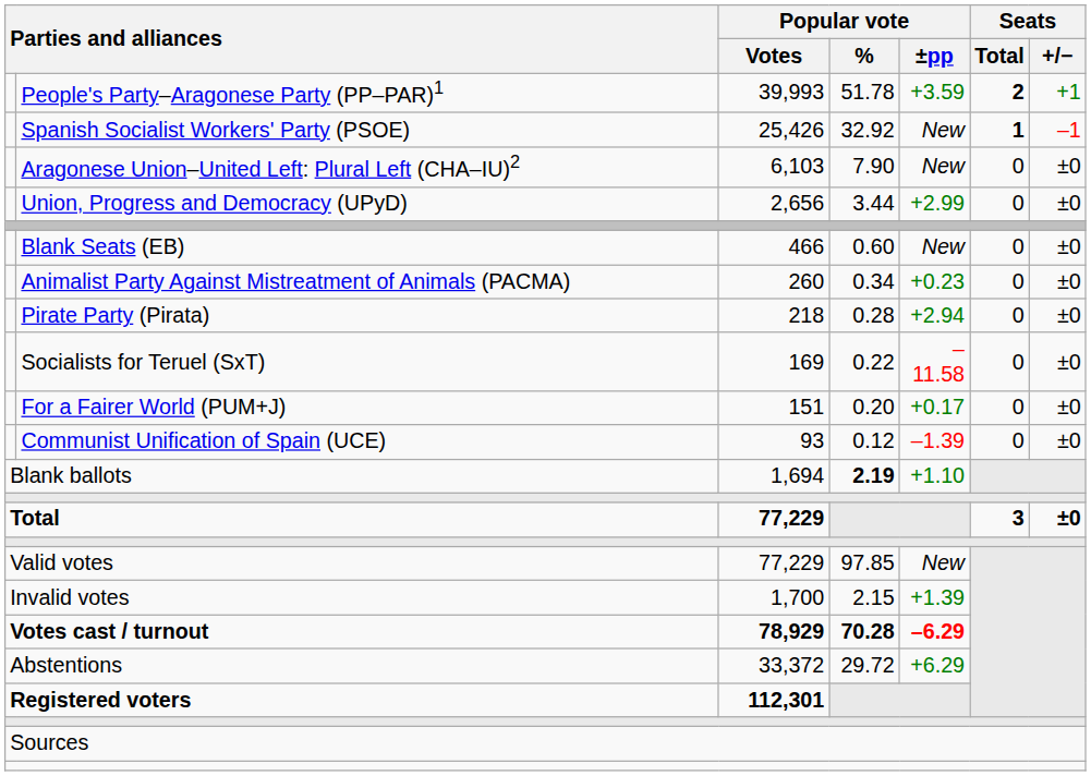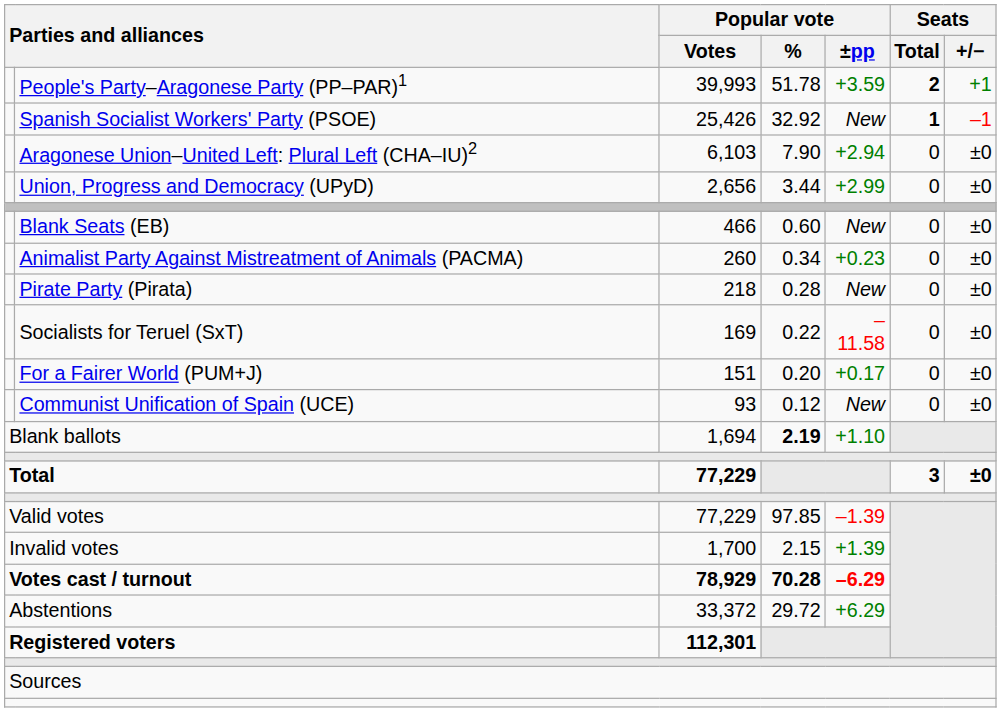 <table class="wikitable" style="text-align:right;">
 <tr>
 <th style="text-align:left;" rowspan="2" colspan="2" width="525">Parties and alliances</th>
 <th colspan="3">Popular vote</th>
 <th colspan="2">Seats</th>
 </tr>
 <tr>
 <th width="75">Votes</th>
 <th width="45">%</th>
 <th width="45">±<a href='#'>pp</a></th>
 <th width="35">Total</th>
 <th width="35">+/−</th>
 </tr>
 <tr>
 <td width="1" style="color:inherit;background:"></td>
 <td align="left"><a href='#'>People's Party</a>–<a href='#'>Aragonese Party</a> (PP–PAR)<sup>1</sup></td>
 <td>39,993</td>
 <td>51.78</td>
 <td style="color:green;">+3.59</td>
 <td><strong>2</strong></td>
 <td style="color:green;">+1</td>
 </tr>
 <tr>
 <td style="color:inherit;background:"></td>
 <td align="left"><a href='#'>Spanish Socialist Workers' Party</a> (PSOE)</td>
 <td>25,426</td>
 <td>32.92</td>
 <td><em>New</em></td>
 <td><strong>1</strong></td>
 <td style="color:red;">–1</td>
 </tr>
 <tr>
 <td style="color:inherit;background:"></td>
 <td align="left"><a href='#'>Aragonese Union</a>–<a href='#'>United Left</a>: <a href='#'>Plural Left</a> (CHA–IU)<sup>2</sup></td>
 <td>6,103</td>
 <td>7.90</td>
-<td><em>New</em></td>
+<td style="color:green;">+2.94</td>
 <td>0</td>
 <td>±0</td>
 </tr>
 <tr>
 <td style="color:inherit;background:"></td>
 <td align="left"><a href='#'>Union, Progress and Democracy</a> (UPyD)</td>
 <td>2,656</td>
 <td>3.44</td>
 <td style="color:green;">+2.99</td>
 <td>0</td>
 <td>±0</td>
 </tr>
 <tr>
 <td colspan="7" bgcolor="#C0C0C0"></td>
 </tr>
 <tr>
 <td style="color:inherit;background:"></td>
 <td align="left"><a href='#'>Blank Seats</a> (EB)</td>
 <td>466</td>
 <td>0.60</td>
 <td><em>New</em></td>
 <td>0</td>
 <td>±0</td>
 </tr>
 <tr>
 <td style="color:inherit;background:"></td>
 <td align="left"><a href='#'>Animalist Party Against Mistreatment of Animals</a> (PACMA)</td>
 <td>260</td>
 <td>0.34</td>
 <td style="color:green;">+0.23</td>
 <td>0</td>
 <td>±0</td>
 </tr>
 <tr>
 <td style="color:inherit;background:"></td>
 <td align="left"><a href='#'>Pirate Party</a> (Pirata)</td>
 <td>218</td>
 <td>0.28</td>
-<td style="color:green;">+2.94</td>
+<td><em>New</em></td>
 <td>0</td>
 <td>±0</td>
 </tr>
 <tr>
 <td style="color:inherit;background:"></td>
 <td align="left">Socialists for Teruel (SxT)</td>
 <td>169</td>
 <td>0.22</td>
 <td style="color:red;">–11.58</td>
 <td>0</td>
 <td>±0</td>
 </tr>
 <tr>
 <td style="color:inherit;background:"></td>
 <td align="left"><a href='#'>For a Fairer World</a> (PUM+J)</td>
 <td>151</td>
 <td>0.20</td>
 <td style="color:green;">+0.17</td>
 <td>0</td>
 <td>±0</td>
 </tr>
 <tr>
 <td style="color:inherit;background:"></td>
 <td align="left"><a href='#'>Communist Unification of Spain</a> (UCE)</td>
 <td>93</td>
 <td>0.12</td>
-<td style="color:red;">–1.39</td>
+<td><em>New</em></td>
 <td>0</td>
 <td>±0</td>
 </tr>
 <tr>
 <td align="left" colspan="2">Blank ballots</td>
 <td>1,694</td>
 <td><strong>2.19</strong></td>
 <td style="color:green;">+1.10</td>
 <td bgcolor="#E9E9E9" colspan="2"></td>
 </tr>
 <tr>
 <td colspan="7" bgcolor="#E9E9E9"></td>
 </tr>
 <tr style="font-weight:bold;">
 <td align="left" colspan="2">Total</td>
 <td>77,229</td>
 <td bgcolor="#E9E9E9" colspan="2"></td>
 <td>3</td>
 <td>±0</td>
 </tr>
 <tr>
 <td colspan="7" bgcolor="#E9E9E9"></td>
 </tr>
 <tr>
 <td align="left" colspan="2">Valid votes</td>
 <td>77,229</td>
 <td>97.85</td>
-<td><em>New</em></td>
+<td style="color:red;">–1.39</td>
 <td bgcolor="#E9E9E9" colspan="2" rowspan="5"></td>
 </tr>
 <tr>
 <td align="left" colspan="2">Invalid votes</td>
 <td>1,700</td>
 <td>2.15</td>
 <td style="color:green;">+1.39</td>
 </tr>
 <tr style="font-weight:bold;">
 <td align="left" colspan="2">Votes cast / turnout</td>
 <td>78,929</td>
 <td>70.28</td>
 <td style="color:red;">–6.29</td>
 </tr>
 <tr>
 <td align="left" colspan="2">Abstentions</td>
 <td>33,372</td>
 <td>29.72</td>
 <td style="color:green;">+6.29</td>
 </tr>
 <tr style="font-weight:bold;">
 <td align="left" colspan="2">Registered voters</td>
 <td>112,301</td>
 <td bgcolor="#E9E9E9" colspan="2"></td>
 </tr>
 <tr>
 <td colspan="7" bgcolor="#E9E9E9"></td>
 </tr>
 <tr>
 <td align="left" colspan="7">Sources</td>
 </tr>
 <tr>
 <td colspan="7" style="text-align:left; max-width:790px;"></td>
 </tr>
 </table>
